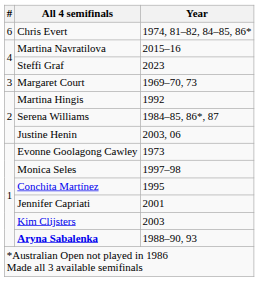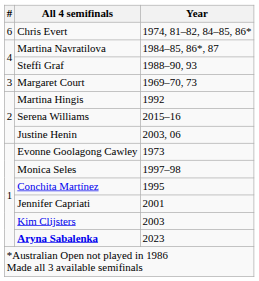 <table class="wikitable" style="display:inline-table;">
 <tr>
 <th>#</th>
 <th>All 4 semifinals</th>
 <th>Year</th>
 </tr>
 <tr>
 <td>6</td>
 <td> Chris Evert</td>
 <td>1974, 81–82, 84–85, 86*</td>
 </tr>
 <tr>
 <td rowspan=2>4</td>
 <td> Martina Navratilova</td>
-<td>2015–16</td>
+<td>1984–85, 86*, 87</td>
 </tr>
 <tr>
 <td> Steffi Graf</td>
-<td>2023</td>
+<td>1988–90, 93</td>
 </tr>
 <tr>
 <td>3</td>
 <td> Margaret Court</td>
 <td>1969–70, 73</td>
 </tr>
 <tr>
 <td rowspan=3>2</td>
 <td> Martina Hingis</td>
 <td>1992</td>
 </tr>
 <tr>
 <td> Serena Williams</td>
-<td>1984–85, 86*, 87</td>
+<td>2015–16</td>
 </tr>
 <tr>
 <td> Justine Henin</td>
 <td>2003, 06</td>
 </tr>
 <tr>
 <td rowspan=6>1</td>
 <td> Evonne Goolagong Cawley</td>
 <td>1973</td>
 </tr>
 <tr>
 <td> Monica Seles</td>
 <td>1997–98</td>
 </tr>
 <tr>
 <td> <a href='#'>Conchita Martínez</a></td>
 <td>1995</td>
 </tr>
 <tr>
 <td> Jennifer Capriati</td>
 <td>2001</td>
 </tr>
 <tr>
 <td> <a href='#'>Kim Clijsters</a></td>
 <td>2003</td>
 </tr>
 <tr>
 <td> <strong><a href='#'>Aryna Sabalenka</a></strong></td>
-<td>1988–90, 93</td>
+<td>2023</td>
 </tr>
 <tr>
 <td colspan=3>*Australian Open not played in 1986<br>Made all 3 available semifinals</td>
 </tr>
 </table>
